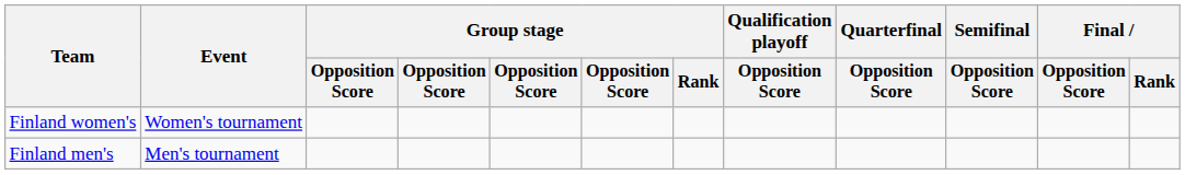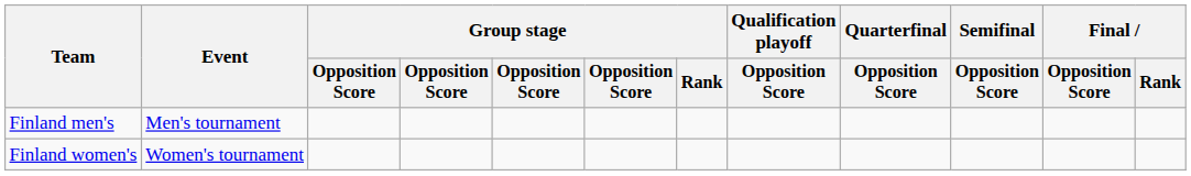 <table class="wikitable" style="font-size:90%">
 <tr>
 <th rowspan=2>Team</th>
 <th rowspan=2>Event</th>
 <th colspan="5">Group stage</th>
 <th>Qualification<br>playoff</th>
 <th>Quarterfinal</th>
 <th>Semifinal</th>
 <th colspan=2>Final / </th>
 </tr>
 <tr style="font-size:95%">
 <th>Opposition<br>Score</th>
 <th>Opposition<br>Score</th>
 <th>Opposition<br>Score</th>
 <th>Opposition<br>Score</th>
 <th>Rank</th>
 <th>Opposition<br>Score</th>
 <th>Opposition<br>Score</th>
 <th>Opposition<br>Score</th>
 <th>Opposition<br>Score</th>
 <th>Rank</th>
 </tr>
 <tr align=center>
+<td align=left><a href='#'>Finland men's</a></td>
+<td align=left><a href='#'>Men's tournament</a></td>
+<td></td>
+<td></td>
+<td></td>
+<td></td>
+<td></td>
+<td></td>
+<td></td>
+<td></td>
+<td></td>
+<td></td>
+</tr>
+<tr align=center>
 <td align=left><a href='#'>Finland women's</a></td>
 <td align=left><a href='#'>Women's tournament</a></td>
 <td></td>
 <td></td>
 <td></td>
 <td></td>
 <td></td>
 <td></td>
 <td></td>
 <td></td>
 <td></td>
 <td></td>
 </tr>
-<tr align=center>
-<td align=left><a href='#'>Finland men's</a></td>
-<td align=left><a href='#'>Men's tournament</a></td>
-<td></td>
-<td></td>
-<td></td>
-<td></td>
-<td></td>
-<td></td>
-<td></td>
-<td></td>
-<td></td>
-<td></td>
-</tr>
 </table>
